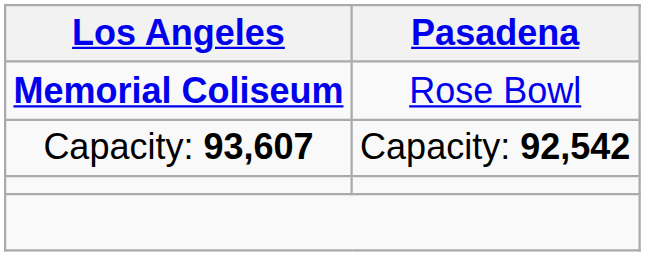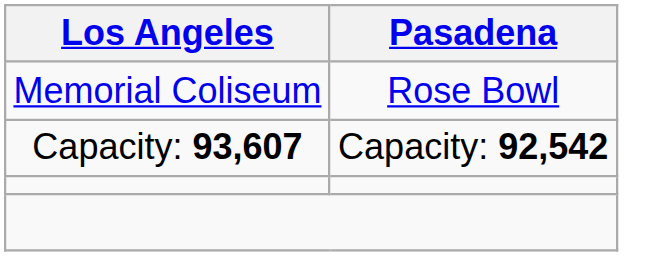 <table class="wikitable" style="text-align: center;">
 <tr>
 <th><a href='#'>Los Angeles</a></th>
 <th><a href='#'>Pasadena</a></th>
 </tr>
 <tr>
-<td><strong><a href='#'>Memorial Coliseum</a></strong></td>
+<td><a href='#'>Memorial Coliseum</a></td>
 <td><a href='#'>Rose Bowl</a></td>
 </tr>
 <tr>
 <td>Capacity: <strong>93,607</strong></td>
 <td>Capacity: <strong>92,542</strong></td>
 </tr>
 <tr>
 <td></td>
 <td></td>
 </tr>
 <tr>
 <td colspan="2"><br></td>
 </tr>
 </table>
